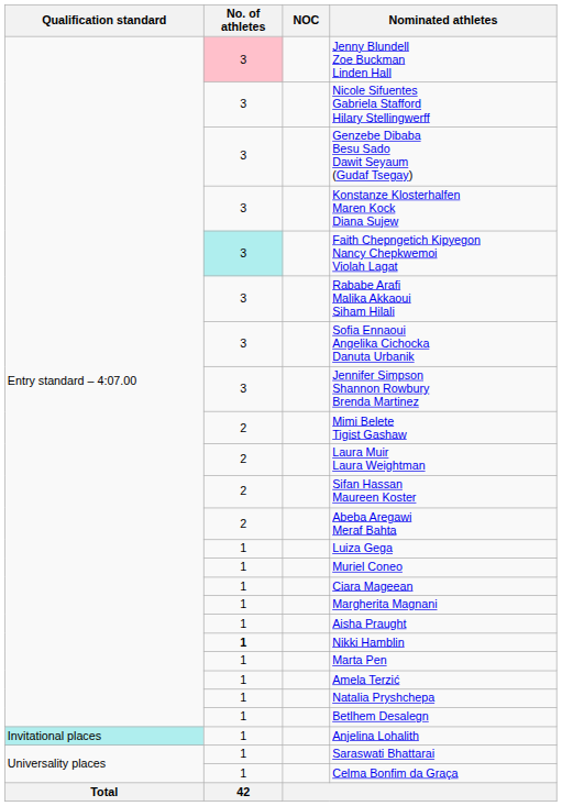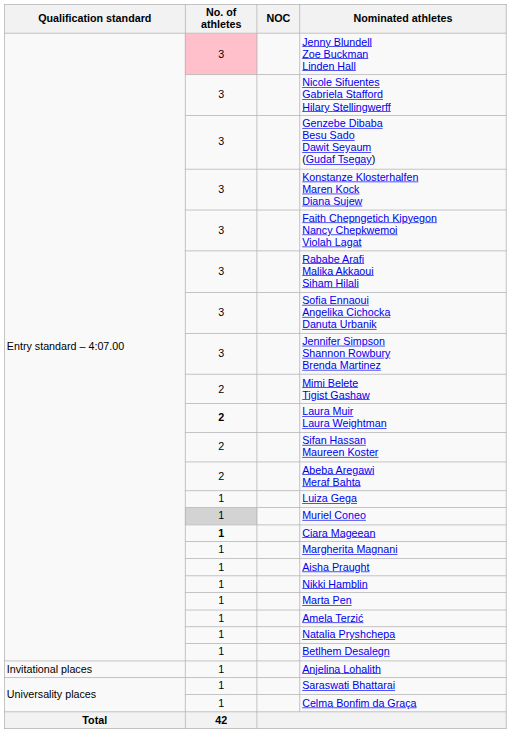 <table class="wikitable"  style="text-align:left; width:750px;">
 <tr>
 <th>Qualification standard</th>
 <th width=100>No. of athletes</th>
 <th>NOC</th>
 <th>Nominated athletes</th>
 </tr>
 <tr>
 <td rowspan=22>Entry standard – 4:07.00</td>
 <td style="background: pink; text-align:center;">3</td>
 <td></td>
 <td><a href='#'>Jenny Blundell</a> <br> <a href='#'>Zoe Buckman</a> <br> <a href='#'>Linden Hall</a></td>
 </tr>
 <tr>
 <td style="text-align:center;">3</td>
 <td></td>
 <td><a href='#'>Nicole Sifuentes</a><br><a href='#'>Gabriela Stafford</a><br><a href='#'>Hilary Stellingwerff</a></td>
 </tr>
 <tr>
 <td style="text-align:center;">3</td>
 <td></td>
 <td><a href='#'>Genzebe Dibaba</a><br><a href='#'>Besu Sado</a><br><a href='#'>Dawit Seyaum</a><br>(<a href='#'>Gudaf Tsegay</a>)</td>
 </tr>
 <tr>
 <td style="text-align:center;">3</td>
 <td></td>
 <td><a href='#'>Konstanze Klosterhalfen</a><br><a href='#'>Maren Kock</a><br><a href='#'>Diana Sujew</a></td>
 </tr>
 <tr>
-<td style="background: paleturquoise; text-align:center;">3</td>
+<td style="text-align:center;">3</td>
 <td></td>
 <td><a href='#'>Faith Chepngetich Kipyegon</a><br><a href='#'>Nancy Chepkwemoi</a><br><a href='#'>Violah Lagat</a></td>
 </tr>
 <tr>
 <td style="text-align:center;">3</td>
 <td></td>
 <td><a href='#'>Rababe Arafi</a><br><a href='#'>Malika Akkaoui</a><br><a href='#'>Siham Hilali</a></td>
 </tr>
 <tr>
 <td style="text-align:center;">3</td>
 <td></td>
 <td><a href='#'>Sofia Ennaoui</a><br><a href='#'>Angelika Cichocka</a><br><a href='#'>Danuta Urbanik</a></td>
 </tr>
 <tr>
 <td style="text-align:center;">3</td>
 <td></td>
 <td><a href='#'>Jennifer Simpson</a><br><a href='#'>Shannon Rowbury</a><br><a href='#'>Brenda Martinez</a></td>
 </tr>
 <tr>
 <td style="text-align:center;">2</td>
 <td></td>
 <td><a href='#'>Mimi Belete</a><br><a href='#'>Tigist Gashaw</a></td>
 </tr>
 <tr>
-<td style="text-align:center;">2</td>
+<td style="text-align:center;"><strong>2</strong></td>
 <td></td>
 <td><a href='#'>Laura Muir</a><br><a href='#'>Laura Weightman</a></td>
 </tr>
 <tr>
 <td style="text-align:center;">2</td>
 <td></td>
 <td><a href='#'>Sifan Hassan</a><br><a href='#'>Maureen Koster</a></td>
 </tr>
 <tr>
 <td style="text-align:center;">2</td>
 <td></td>
 <td><a href='#'>Abeba Aregawi</a> <br> <a href='#'>Meraf Bahta</a></td>
 </tr>
 <tr>
 <td style="text-align:center;">1</td>
 <td></td>
 <td><a href='#'>Luiza Gega</a></td>
 </tr>
 <tr>
-<td style="text-align:center;">1</td>
+<td style="background: lightgrey; text-align:center;">1</td>
 <td></td>
 <td><a href='#'>Muriel Coneo</a></td>
 </tr>
 <tr>
-<td style="text-align:center;">1</td>
+<td style="text-align:center;"><strong>1</strong></td>
 <td></td>
 <td><a href='#'>Ciara Mageean</a></td>
 </tr>
 <tr>
 <td style="text-align:center;">1</td>
 <td></td>
 <td><a href='#'>Margherita Magnani</a></td>
 </tr>
 <tr>
 <td style="text-align:center;">1</td>
 <td></td>
 <td><a href='#'>Aisha Praught</a></td>
 </tr>
 <tr>
-<td style="text-align:center;"><strong>1</strong></td>
+<td style="text-align:center;">1</td>
 <td></td>
 <td><a href='#'>Nikki Hamblin</a></td>
 </tr>
 <tr>
 <td style="text-align:center;">1</td>
 <td></td>
 <td><a href='#'>Marta Pen</a></td>
 </tr>
 <tr>
 <td style="text-align:center;">1</td>
 <td></td>
 <td><a href='#'>Amela Terzić</a></td>
 </tr>
 <tr>
 <td style="text-align:center;">1</td>
 <td></td>
 <td><a href='#'>Natalia Pryshchepa</a></td>
 </tr>
 <tr>
 <td style="text-align:center;">1</td>
 <td></td>
 <td><a href='#'>Betlhem Desalegn</a></td>
 </tr>
 <tr>
-<td style="background: paleturquoise;">Invitational places</td>
+<td>Invitational places</td>
 <td style="text-align:center;">1</td>
 <td></td>
 <td><a href='#'>Anjelina Lohalith</a></td>
 </tr>
 <tr>
 <td rowspan=2>Universality places</td>
 <td style="text-align:center;">1</td>
 <td></td>
 <td><a href='#'>Saraswati Bhattarai</a></td>
 </tr>
 <tr>
 <td style="text-align:center;">1</td>
 <td></td>
 <td><a href='#'>Celma Bonfim da Graça</a></td>
 </tr>
 <tr>
 <th>Total</th>
 <th>42</th>
 <th colspan=2></th>
 </tr>
 </table>
